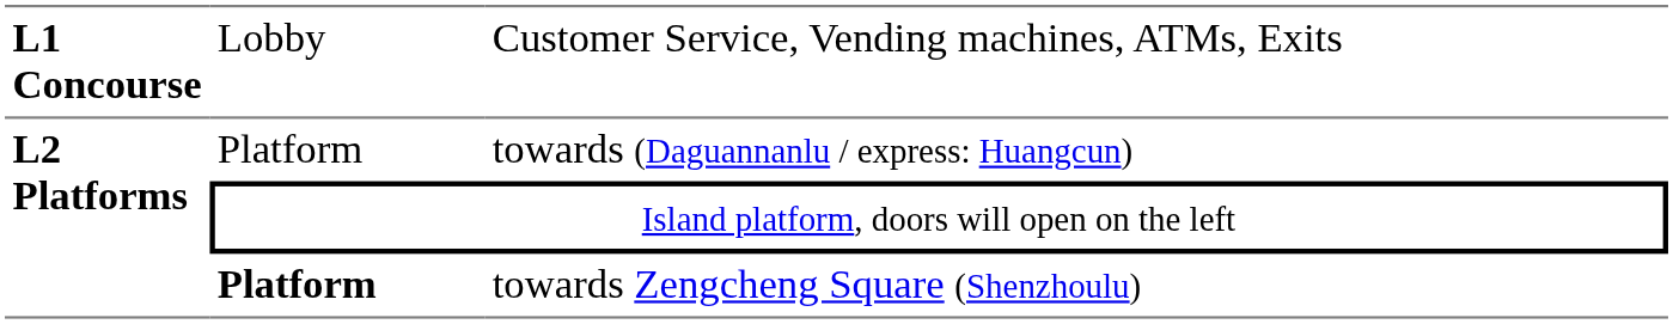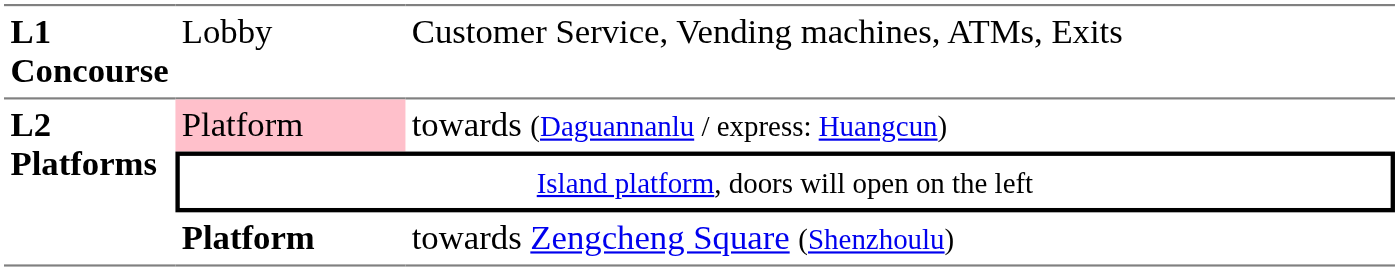 <table table border=0 cellspacing=0 cellpadding=3>
 <tr>
 <td style="border-bottom:solid 1px gray; border-top:solid 1px gray;" valign=top width=50><strong>L1<br>Concourse</strong></td>
 <td style="border-bottom:solid 1px gray; border-top:solid 1px gray;" valign=top width=100>Lobby</td>
 <td style="border-bottom:solid 1px gray; border-top:solid 1px gray;" valign=top width=450>Customer Service, Vending machines, ATMs, Exits</td>
 </tr>
 <tr>
 <td style="border-bottom:solid 1px gray;" rowspan=3 valign=top><strong>L2<br>Platforms</strong></td>
-<td>Platform </td>
+<td style="background: pink;">Platform </td>
 <td>  towards  <small>(<a href='#'>Daguannanlu</a> / express: <a href='#'>Huangcun</a>)</small></td>
 </tr>
 <tr>
 <td style="border-right:solid 2px black;border-left:solid 2px black;border-top:solid 2px black;border-bottom:solid 2px black;text-align:center;" colspan=2><small><a href='#'>Island platform</a>, doors will open on the left</small></td>
 </tr>
 <tr>
 <td style="border-bottom:solid 1px gray;"><strong>Platform </strong></td>
 <td style="border-bottom:solid 1px gray;"> towards <a href='#'>Zengcheng Square</a> <small>(<a href='#'>Shenzhoulu</a>)</small> </td>
 </tr>
 <tr>
 </tr>
 </table>
